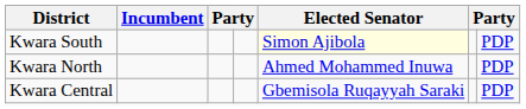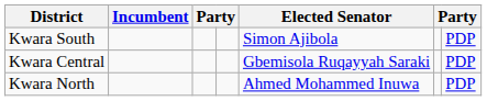 <table class="sortable wikitable" style="font-size:95%;line-height:14px;">
 <tr>
 <th class="unsortable">District</th>
 <th class="unsortable"><a href='#'>Incumbent</a></th>
 <th colspan="2">Party</th>
 <th class="unsortable">Elected Senator</th>
 <th colspan="2">Party</th>
 </tr>
 <tr>
 <td>Kwara South</td>
 <td></td>
 <td></td>
 <td></td>
-<td style="background: lightyellow;"><a href='#'>Simon Ajibola</a></td>
+<td><a href='#'>Simon Ajibola</a></td>
+<td style="background:"></td>
+<td><a href='#'>PDP</a></td>
+</tr>
+<tr>
+<td>Kwara Central</td>
+<td></td>
+<td></td>
+<td></td>
+<td><a href='#'>Gbemisola Ruqayyah Saraki</a></td>
 <td style="background:"></td>
 <td><a href='#'>PDP</a></td>
 </tr>
 <tr>
 <td>Kwara North</td>
 <td></td>
 <td></td>
 <td></td>
 <td><a href='#'>Ahmed Mohammed Inuwa</a></td>
 <td style="background:"></td>
 <td><a href='#'>PDP</a></td>
 </tr>
-<tr>
-<td>Kwara Central</td>
-<td></td>
-<td></td>
-<td></td>
-<td><a href='#'>Gbemisola Ruqayyah Saraki</a></td>
-<td style="background:"></td>
-<td><a href='#'>PDP</a></td>
-</tr>
 </table>
